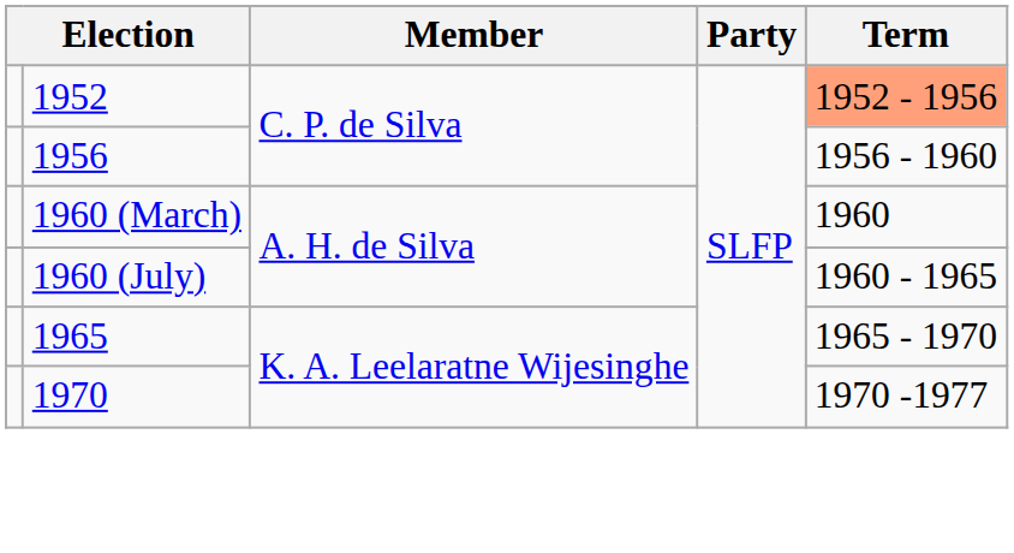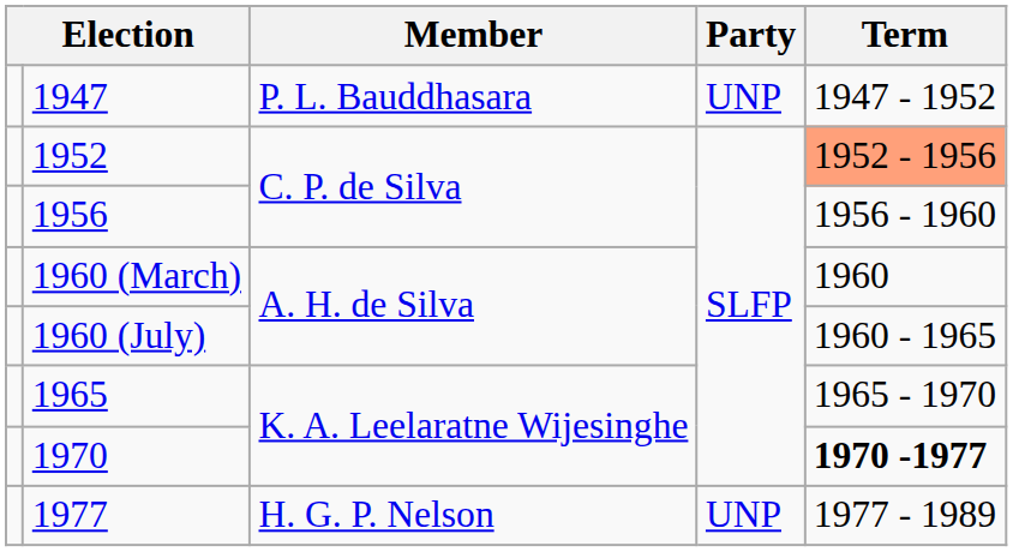 <table class="wikitable">
 <tr>
 <th colspan="2">Election</th>
 <th>Member</th>
 <th>Party</th>
 <th>Term</th>
+</tr>
+<tr>
+<td style="background-color: "></td>
+<td><a href='#'>1947</a></td>
+<td><a href='#'>P. L. Bauddhasara</a></td>
+<td><a href='#'>UNP</a></td>
+<td>1947 - 1952</td>
 </tr>
 <tr>
 <td style="background-color: "></td>
 <td><a href='#'>1952</a></td>
 <td rowspan=2><a href='#'>C. P. de Silva</a></td>
 <td rowspan=6><a href='#'>SLFP</a></td>
 <td style="background: lightsalmon;">1952 - 1956</td>
 </tr>
 <tr>
 <td style="background-color: "></td>
 <td><a href='#'>1956</a></td>
 <td>1956 - 1960</td>
 </tr>
 <tr>
 <td style="background-color: "></td>
 <td><a href='#'>1960 (March)</a></td>
 <td rowspan=2><a href='#'>A. H. de Silva</a></td>
 <td>1960</td>
 </tr>
 <tr>
 <td style="background-color: "></td>
 <td><a href='#'>1960 (July)</a></td>
 <td>1960 - 1965</td>
 </tr>
 <tr>
 <td style="background-color: "></td>
 <td><a href='#'>1965</a></td>
 <td rowspan=2><a href='#'>K. A. Leelaratne Wijesinghe</a></td>
 <td>1965 - 1970</td>
 </tr>
 <tr>
 <td style="background-color: "></td>
 <td><a href='#'>1970</a></td>
-<td>1970 -1977</td>
+<td><strong>1970 -1977</strong></td>
+</tr>
+<tr>
+<td style="background-color: "></td>
+<td><a href='#'>1977</a></td>
+<td><a href='#'>H. G. P. Nelson</a></td>
+<td><a href='#'>UNP</a></td>
+<td>1977 - 1989</td>
 </tr>
 </table>
